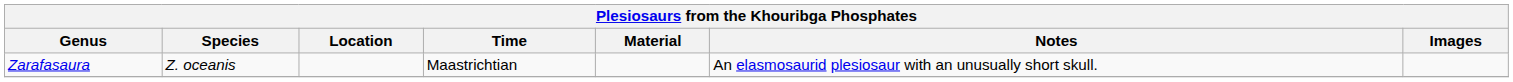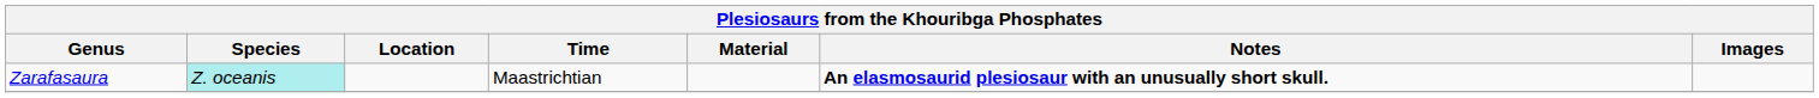 <table class="wikitable"  style="margin:auto; width:100%;">
 <tr>
 <th colspan="7" align="center"><strong><a href='#'>Plesiosaurs</a> from the Khouribga Phosphates</strong></th>
 </tr>
 <tr>
 <th>Genus</th>
 <th>Species</th>
 <th>Location</th>
 <th>Time</th>
 <th>Material</th>
 <th>Notes</th>
 <th>Images</th>
 </tr>
 <tr>
 <td><em><a href='#'>Zarafasaura</a></em></td>
-<td><em>Z. oceanis</em></td>
+<td style="background: paleturquoise;"><em>Z. oceanis</em></td>
 <td></td>
 <td>Maastrichtian</td>
 <td></td>
-<td>An <a href='#'>elasmosaurid</a> <a href='#'>plesiosaur</a> with an unusually short skull.</td>
+<td><strong>An <a href='#'>elasmosaurid</a> <a href='#'>plesiosaur</a> with an unusually short skull.</strong></td>
 <td></td>
 </tr>
 <tr>
 </tr>
 </table>
